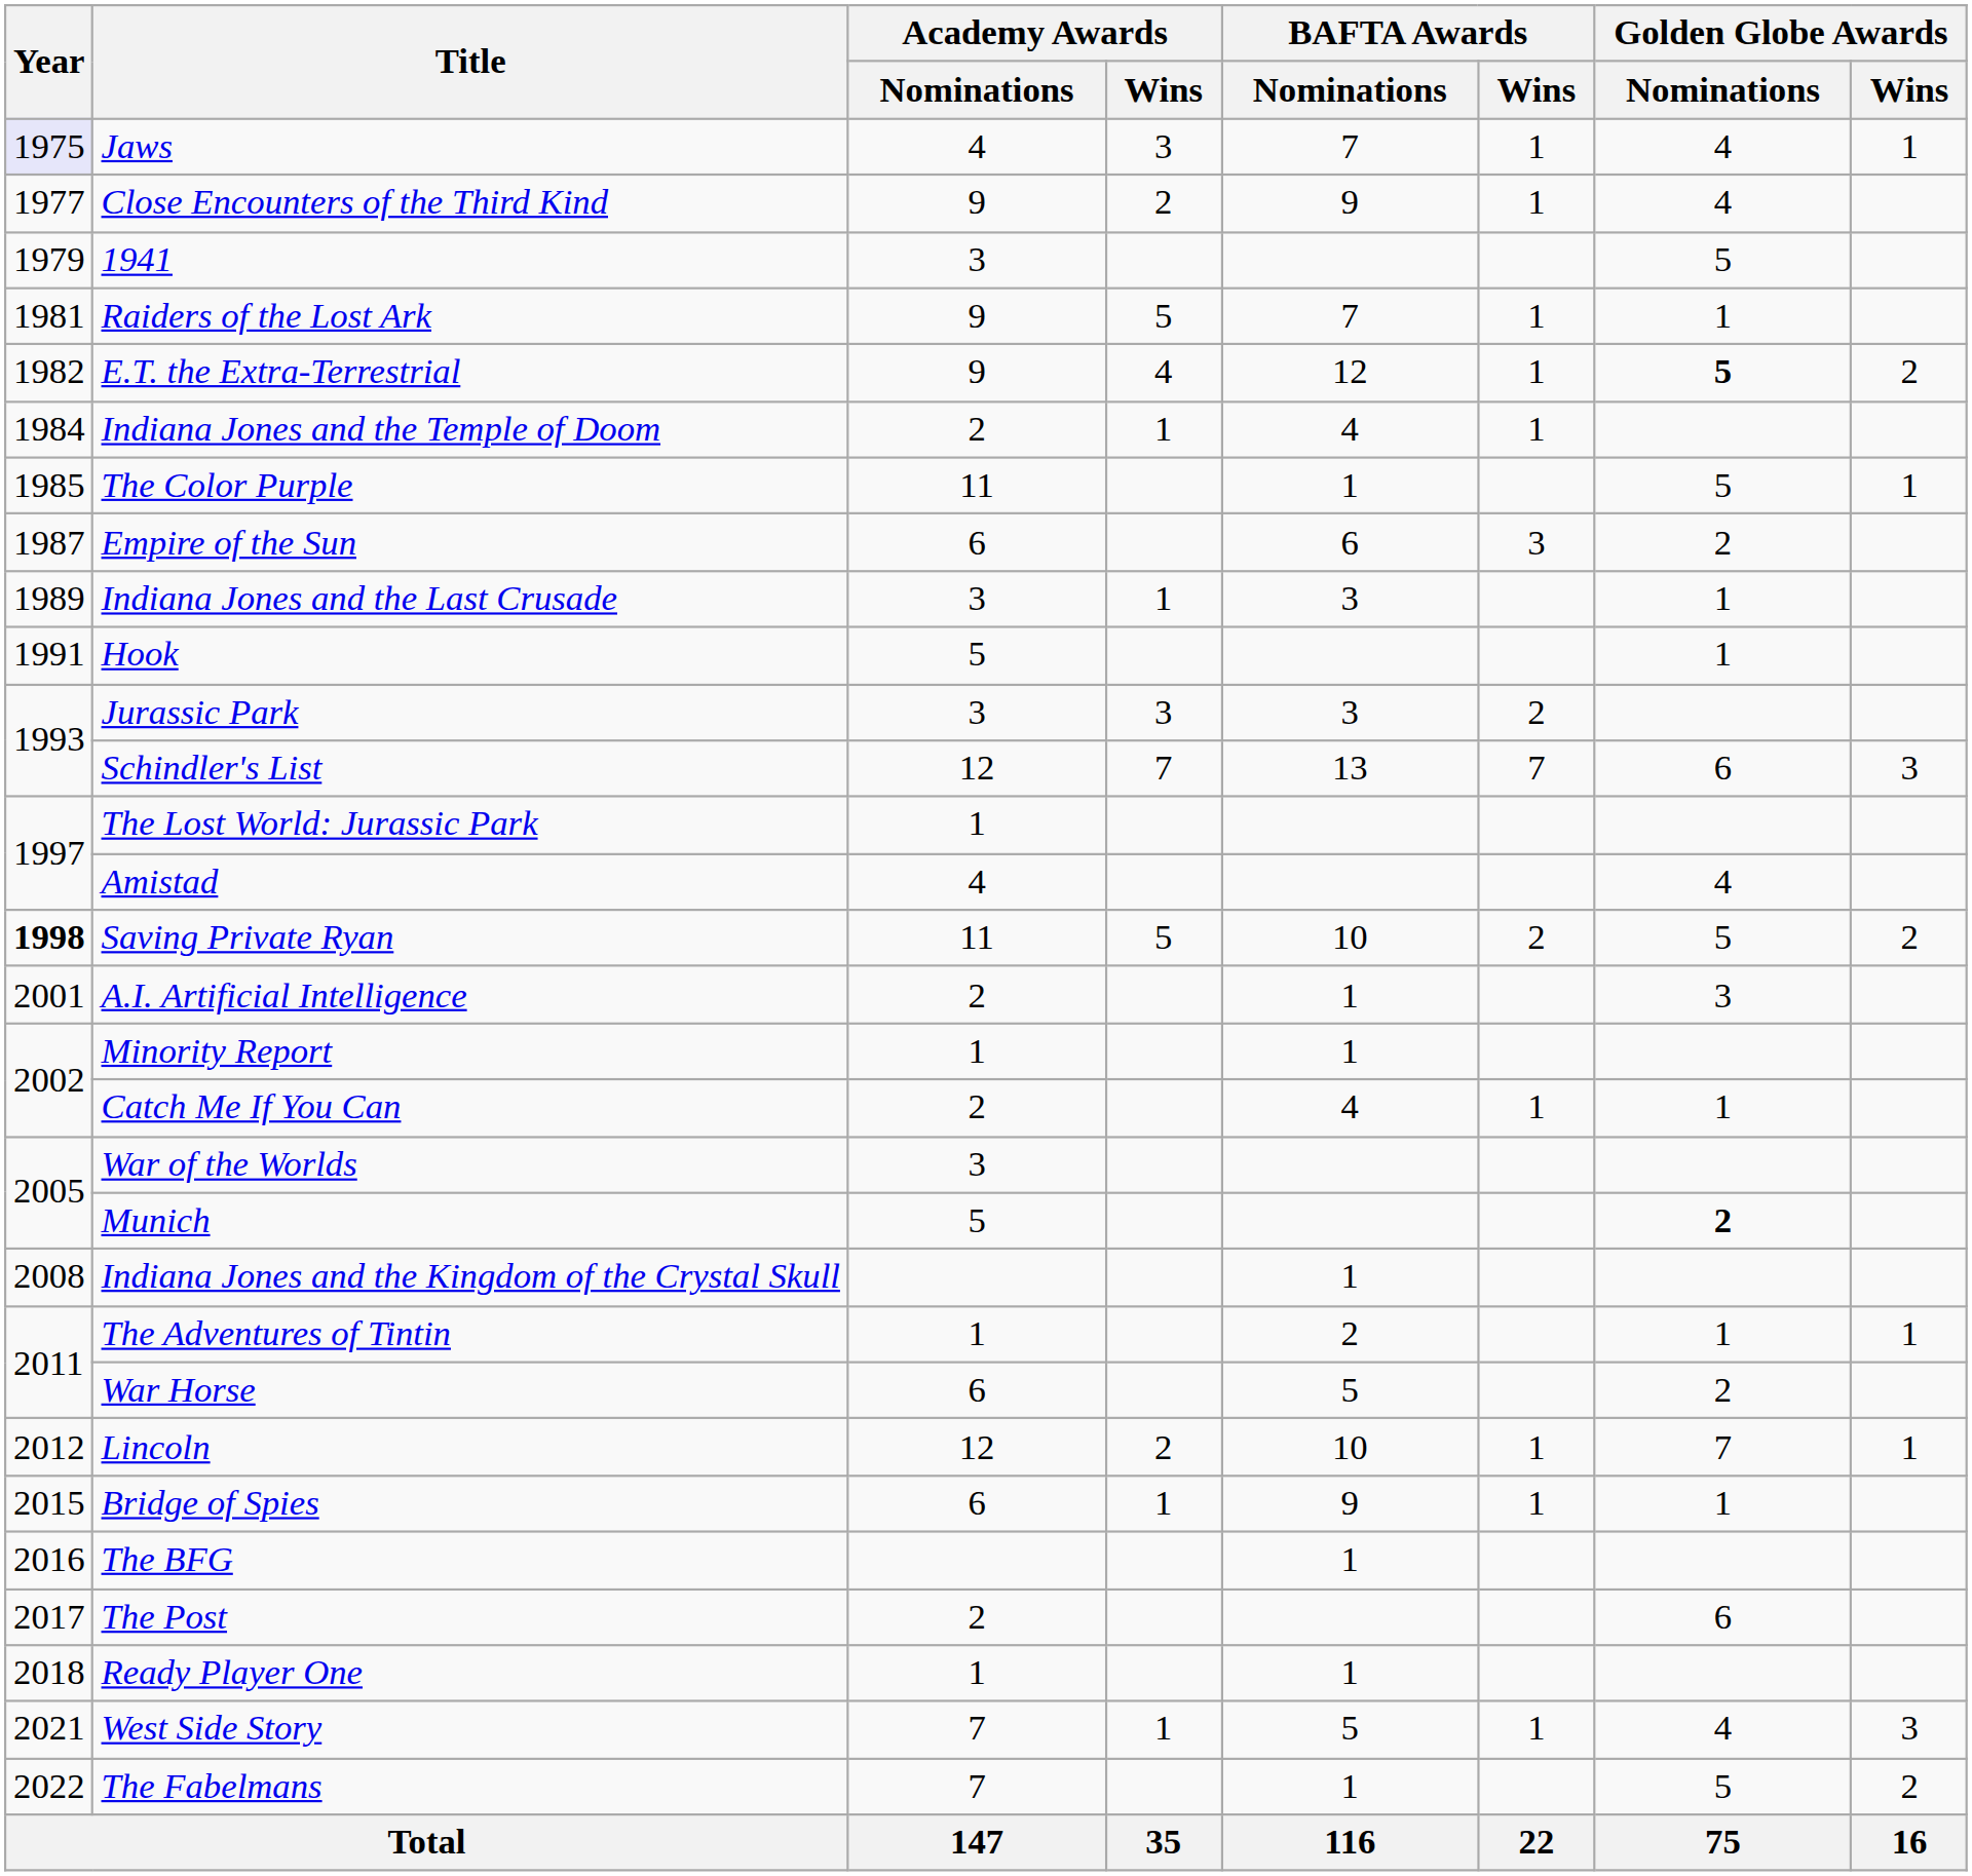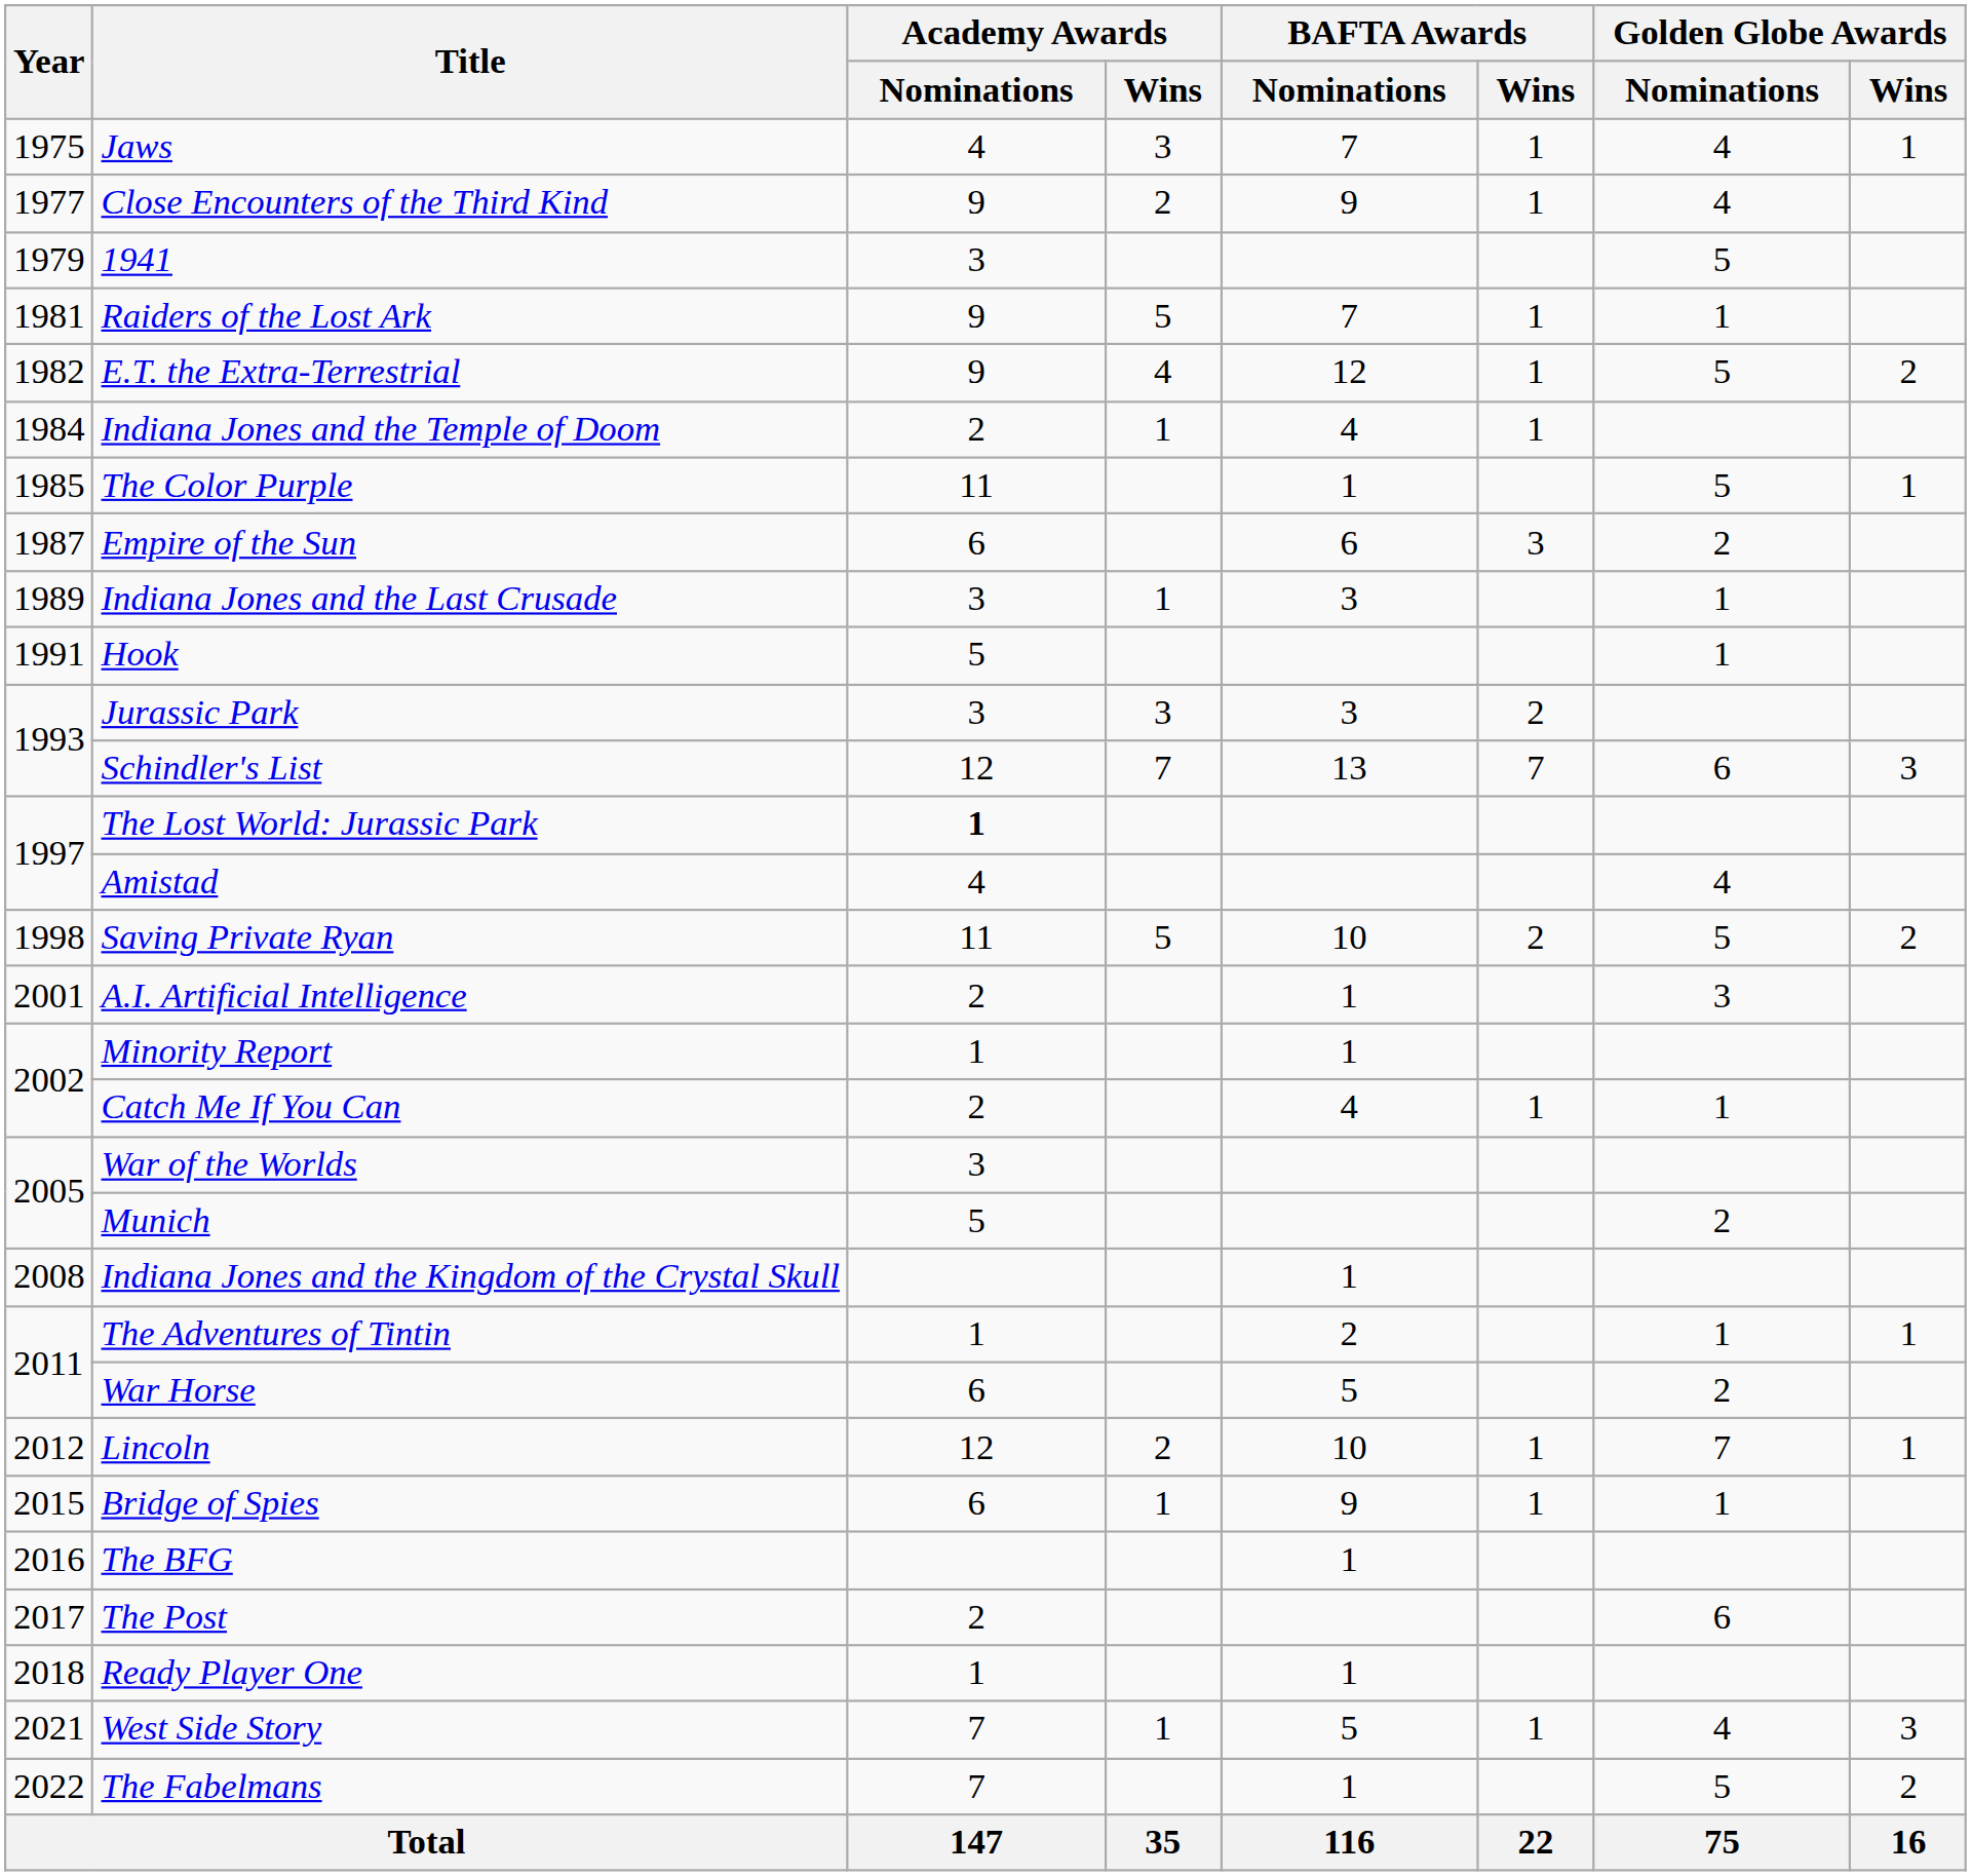 <table class="wikitable">
 <tr>
 <th rowspan="2">Year</th>
 <th rowspan="2">Title</th>
 <th colspan="2" style="text-align:center;" width=160>Academy Awards</th>
 <th colspan="2" style="text-align:center;" width=160>BAFTA Awards</th>
 <th colspan="2" style="text-align:center;" width=160>Golden Globe Awards</th>
 </tr>
 <tr>
 <th>Nominations</th>
 <th>Wins</th>
 <th>Nominations</th>
 <th>Wins</th>
 <th>Nominations</th>
 <th>Wins</th>
 </tr>
 <tr>
-<td style="background: lavender;">1975</td>
+<td>1975</td>
 <td><em><a href='#'>Jaws</a></em></td>
 <td align=center>4</td>
 <td align=center>3</td>
 <td align=center>7</td>
 <td align=center>1</td>
 <td align=center>4</td>
 <td align=center>1</td>
 </tr>
 <tr>
 <td>1977</td>
 <td><em><a href='#'>Close Encounters of the Third Kind</a></em></td>
 <td align=center>9</td>
 <td align=center>2</td>
 <td align=center>9</td>
 <td align=center>1</td>
 <td align=center>4</td>
 <td></td>
 </tr>
 <tr>
 <td>1979</td>
 <td><em><a href='#'>1941</a></em></td>
 <td align=center>3</td>
 <td></td>
 <td></td>
 <td></td>
 <td align=center>5</td>
 <td></td>
 </tr>
 <tr>
 <td>1981</td>
 <td><em><a href='#'>Raiders of the Lost Ark</a></em></td>
 <td align=center>9</td>
 <td align=center>5</td>
 <td align=center>7</td>
 <td align=center>1</td>
 <td align=center>1</td>
 <td></td>
 </tr>
 <tr>
 <td>1982</td>
 <td><em><a href='#'>E.T. the Extra-Terrestrial</a></em></td>
 <td align=center>9</td>
 <td align=center>4</td>
 <td align=center>12</td>
 <td align=center>1</td>
-<td align=center><strong>5</strong></td>
+<td align=center>5</td>
 <td align=center>2</td>
 </tr>
 <tr>
 <td>1984</td>
 <td><em><a href='#'>Indiana Jones and the Temple of Doom</a></em></td>
 <td align=center>2</td>
 <td align=center>1</td>
 <td align=center>4</td>
 <td align=center>1</td>
 <td></td>
 <td></td>
 </tr>
 <tr>
 <td>1985</td>
 <td><em><a href='#'>The Color Purple</a></em></td>
 <td align=center>11</td>
 <td></td>
 <td align=center>1</td>
 <td></td>
 <td align=center>5</td>
 <td align=center>1</td>
 </tr>
 <tr>
 <td>1987</td>
 <td><em><a href='#'>Empire of the Sun</a></em></td>
 <td align=center>6</td>
 <td></td>
 <td align=center>6</td>
 <td align=center>3</td>
 <td align=center>2</td>
 <td></td>
 </tr>
 <tr>
 <td>1989</td>
 <td><em><a href='#'>Indiana Jones and the Last Crusade</a></em></td>
 <td align=center>3</td>
 <td align=center>1</td>
 <td align=center>3</td>
 <td></td>
 <td align=center>1</td>
 <td></td>
 </tr>
 <tr>
 <td>1991</td>
 <td><em><a href='#'>Hook</a></em></td>
 <td align=center>5</td>
 <td></td>
 <td></td>
 <td></td>
 <td align=center>1</td>
 <td></td>
 </tr>
 <tr>
 <td rowspan=2>1993</td>
 <td><em><a href='#'>Jurassic Park</a></em></td>
 <td align=center>3</td>
 <td align=center>3</td>
 <td align=center>3</td>
 <td align=center>2</td>
 <td></td>
 <td></td>
 </tr>
 <tr>
 <td><em><a href='#'>Schindler's List</a></em></td>
 <td align=center>12</td>
 <td align=center>7</td>
 <td align=center>13</td>
 <td align=center>7</td>
 <td align=center>6</td>
 <td align=center>3</td>
 </tr>
 <tr>
 <td rowspan=2>1997</td>
 <td><em><a href='#'>The Lost World: Jurassic Park</a></em></td>
-<td align=center>1</td>
+<td align=center><strong>1</strong></td>
 <td></td>
 <td></td>
 <td></td>
 <td></td>
 <td></td>
 </tr>
 <tr>
 <td><em><a href='#'>Amistad</a></em></td>
 <td align=center>4</td>
 <td></td>
 <td></td>
 <td></td>
 <td align=center>4</td>
 <td></td>
 </tr>
 <tr>
-<td><strong>1998</strong></td>
+<td>1998</td>
 <td><em><a href='#'>Saving Private Ryan</a></em></td>
 <td align=center>11</td>
 <td align=center>5</td>
 <td align=center>10</td>
 <td align=center>2</td>
 <td align=center>5</td>
 <td align=center>2</td>
 </tr>
 <tr>
 <td>2001</td>
 <td><em><a href='#'>A.I. Artificial Intelligence</a></em></td>
 <td align=center>2</td>
 <td></td>
 <td align=center>1</td>
 <td></td>
 <td align=center>3</td>
 <td></td>
 </tr>
 <tr>
 <td rowspan=2>2002</td>
 <td><em><a href='#'>Minority Report</a></em></td>
 <td align=center>1</td>
 <td></td>
 <td align=center>1</td>
 <td></td>
 <td></td>
 <td></td>
 </tr>
 <tr>
 <td><em><a href='#'>Catch Me If You Can</a></em></td>
 <td align=center>2</td>
 <td></td>
 <td align=center>4</td>
 <td align=center>1</td>
 <td align=center>1</td>
 <td></td>
 </tr>
 <tr>
 <td rowspan=2>2005</td>
 <td><em><a href='#'>War of the Worlds</a></em></td>
 <td align=center>3</td>
 <td></td>
 <td></td>
 <td></td>
 <td></td>
 <td></td>
 </tr>
 <tr>
 <td><em><a href='#'>Munich</a></em></td>
 <td align=center>5</td>
 <td></td>
 <td></td>
 <td></td>
-<td align=center><strong>2</strong></td>
+<td align=center>2</td>
 <td></td>
 </tr>
 <tr>
 <td>2008</td>
 <td><em><a href='#'>Indiana Jones and the Kingdom of the Crystal Skull</a></em></td>
 <td></td>
 <td></td>
 <td align=center>1</td>
 <td></td>
 <td></td>
 <td></td>
 </tr>
 <tr>
 <td rowspan=2>2011</td>
 <td><em><a href='#'>The Adventures of Tintin</a></em></td>
 <td align=center>1</td>
 <td></td>
 <td align=center>2</td>
 <td></td>
 <td align=center>1</td>
 <td align=center>1</td>
 </tr>
 <tr>
 <td><em><a href='#'>War Horse</a></em></td>
 <td align=center>6</td>
 <td></td>
 <td align=center>5</td>
 <td></td>
 <td align=center>2</td>
 <td></td>
 </tr>
 <tr>
 <td>2012</td>
 <td><em><a href='#'>Lincoln</a></em></td>
 <td align=center>12</td>
 <td align=center>2</td>
 <td align=center>10</td>
 <td align=center>1</td>
 <td align=center>7</td>
 <td align=center>1</td>
 </tr>
 <tr>
 <td>2015</td>
 <td><em><a href='#'>Bridge of Spies</a></em></td>
 <td align=center>6</td>
 <td align=center>1</td>
 <td align=center>9</td>
 <td align=center>1</td>
 <td align=center>1</td>
 <td></td>
 </tr>
 <tr>
 <td>2016</td>
 <td><em><a href='#'>The BFG</a></em></td>
 <td></td>
 <td></td>
 <td align=center>1</td>
 <td></td>
 <td></td>
 <td></td>
 </tr>
 <tr>
 <td>2017</td>
 <td><em><a href='#'>The Post</a></em></td>
 <td align=center>2</td>
 <td></td>
 <td></td>
 <td></td>
 <td align=center>6</td>
 <td></td>
 </tr>
 <tr>
 <td>2018</td>
 <td><em><a href='#'>Ready Player One</a></em></td>
 <td align=center>1</td>
 <td></td>
 <td align=center>1</td>
 <td></td>
 <td></td>
 <td></td>
 </tr>
 <tr>
 <td>2021</td>
 <td><em><a href='#'>West Side Story</a></em></td>
 <td align=center>7</td>
 <td align=center>1</td>
 <td align=center>5</td>
 <td align=center>1</td>
 <td align=center>4</td>
 <td align=center>3</td>
 </tr>
 <tr>
 <td>2022</td>
 <td><em><a href='#'>The Fabelmans</a></em></td>
 <td align=center>7</td>
 <td></td>
 <td align=center>1</td>
 <td></td>
 <td align=center>5</td>
 <td align=center>2</td>
 </tr>
 <tr>
 <th colspan="2">Total</th>
 <th align=center>147</th>
 <th align=center>35</th>
 <th align=center>116</th>
 <th align=center>22</th>
 <th align=center>75</th>
 <th align=center>16</th>
 </tr>
 </table>
